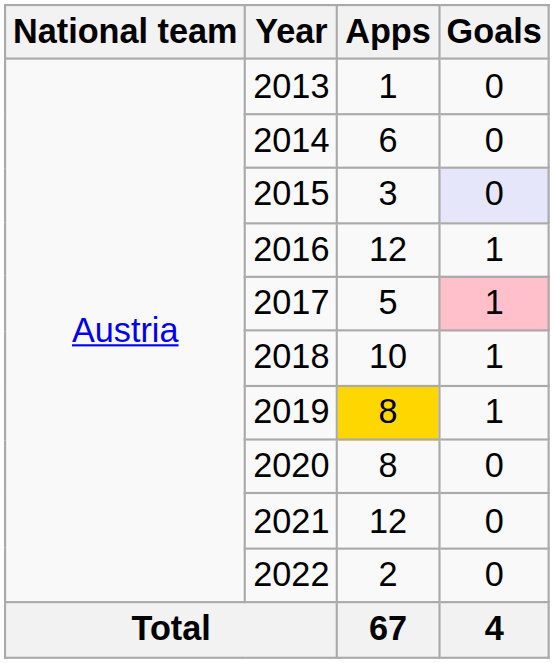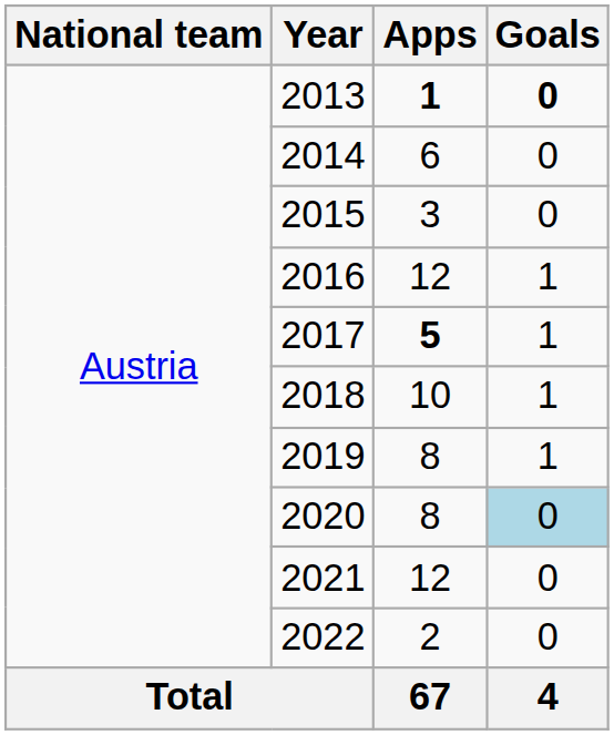 <table class="wikitable" style="text-align:center">
 <tr>
 <th>National team</th>
 <th>Year</th>
 <th>Apps</th>
 <th>Goals</th>
 </tr>
 <tr>
 <td rowspan="10"><a href='#'>Austria</a></td>
 <td>2013</td>
-<td>1</td>
-<td>0</td>
+<td><strong>1</strong></td>
+<td><strong>0</strong></td>
 </tr>
 <tr>
 <td>2014</td>
 <td>6</td>
 <td>0</td>
 </tr>
 <tr>
 <td>2015</td>
 <td>3</td>
-<td style="background: lavender;">0</td>
+<td>0</td>
 </tr>
 <tr>
 <td>2016</td>
 <td>12</td>
 <td>1</td>
 </tr>
 <tr>
 <td>2017</td>
-<td>5</td>
-<td style="background: pink;">1</td>
+<td><strong>5</strong></td>
+<td>1</td>
 </tr>
 <tr>
 <td>2018</td>
 <td>10</td>
 <td>1</td>
 </tr>
 <tr>
 <td>2019</td>
-<td style="background: gold;">8</td>
+<td>8</td>
 <td>1</td>
 </tr>
 <tr>
 <td>2020</td>
 <td>8</td>
-<td>0</td>
+<td style="background: lightblue;">0</td>
 </tr>
 <tr>
 <td>2021</td>
 <td>12</td>
 <td>0</td>
 </tr>
 <tr>
 <td>2022</td>
 <td>2</td>
 <td>0</td>
 </tr>
 <tr>
 <th colspan="2">Total</th>
 <th>67</th>
 <th>4</th>
 </tr>
 </table>
